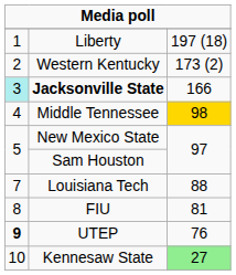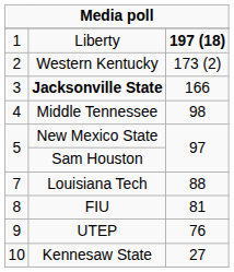 <table class="wikitable">
 <tr align="center">
 <td align="center" Colspan="3"><strong>Media poll</strong></td>
 </tr>
 <tr align="center">
 </tr>
 <tr align="center">
 <td>1</td>
 <td>Liberty</td>
-<td>197 (18)</td>
+<td><strong>197 (18)</strong></td>
 </tr>
 <tr align="center">
 <td>2</td>
 <td>Western Kentucky</td>
 <td>173 (2)</td>
 </tr>
 <tr align="center">
-<td style="background: paleturquoise;">3</td>
+<td>3</td>
 <td><strong>Jacksonville State</strong></td>
 <td>166</td>
 </tr>
 <tr align="center">
 <td>4</td>
 <td>Middle Tennessee</td>
-<td style="background: gold;">98</td>
+<td>98</td>
 </tr>
 <tr align="center">
 <td rowspan="2">5</td>
 <td>New Mexico State</td>
 <td rowspan="2">97</td>
 </tr>
 <tr align="center">
 <td>Sam Houston</td>
 </tr>
 <tr align="center">
 <td>7</td>
 <td>Louisiana Tech</td>
 <td>88</td>
 </tr>
 <tr align="center">
 <td>8</td>
 <td>FIU</td>
 <td>81</td>
 </tr>
 <tr align="center">
-<td><strong>9</strong></td>
+<td>9</td>
 <td>UTEP</td>
 <td>76</td>
 </tr>
 <tr align="center">
 <td>10</td>
 <td>Kennesaw State</td>
-<td style="background: lightgreen;">27</td>
+<td>27</td>
 </tr>
 </table>
